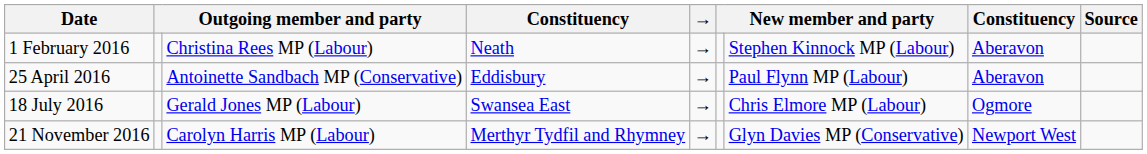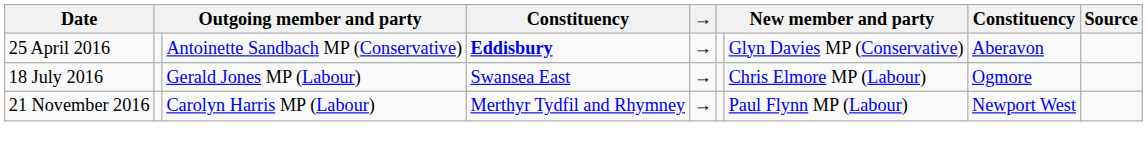 <table class="wikitable">
 <tr>
 <th valign="top">Date</th>
 <th colspan="2" valign="top">Outgoing member and party</th>
 <th valign="top">Constituency</th>
 <th>→</th>
 <th colspan="2" valign="top">New member and party</th>
 <th valign="top">Constituency</th>
 <th valign="top">Source</th>
 </tr>
 <tr>
-<td>1 February 2016</td>
-<td style="color:inherit;background:"></td>
-<td><a href='#'>Christina Rees</a> MP (<a href='#'>Labour</a>)</td>
-<td><a href='#'>Neath</a></td>
-<td>→</td>
-<td style="color:inherit;background:"></td>
-<td><a href='#'>Stephen Kinnock</a> MP (<a href='#'>Labour</a>)</td>
-<td><a href='#'>Aberavon</a></td>
-<td></td>
-</tr>
-<tr>
 <td>25 April 2016</td>
 <td style="color:inherit;background:"></td>
 <td><a href='#'>Antoinette Sandbach</a> MP (<a href='#'>Conservative</a>)</td>
-<td><a href='#'>Eddisbury</a></td>
+<td><strong><a href='#'>Eddisbury</a></strong></td>
 <td>→</td>
 <td style="color:inherit;background:"></td>
-<td><a href='#'>Paul Flynn</a> MP (<a href='#'>Labour</a>)</td>
+<td><a href='#'>Glyn Davies</a> MP (<a href='#'>Conservative</a>)</td>
 <td><a href='#'>Aberavon</a></td>
 <td></td>
 </tr>
 <tr>
 <td>18 July 2016</td>
 <td style="color:inherit;background:"></td>
 <td><a href='#'>Gerald Jones</a> MP (<a href='#'>Labour</a>)</td>
 <td><a href='#'>Swansea East</a></td>
 <td>→</td>
 <td style="color:inherit;background:"></td>
 <td><a href='#'>Chris Elmore</a> MP (<a href='#'>Labour</a>)</td>
 <td><a href='#'>Ogmore</a></td>
 <td></td>
 </tr>
 <tr>
 <td>21 November 2016</td>
 <td style="color:inherit;background:"></td>
 <td><a href='#'>Carolyn Harris</a> MP (<a href='#'>Labour</a>)</td>
 <td><a href='#'>Merthyr Tydfil and Rhymney</a></td>
 <td>→</td>
 <td style="color:inherit;background:"></td>
-<td><a href='#'>Glyn Davies</a> MP (<a href='#'>Conservative</a>)</td>
+<td><a href='#'>Paul Flynn</a> MP (<a href='#'>Labour</a>)</td>
 <td><a href='#'>Newport West</a></td>
 <td></td>
 </tr>
 </table>
